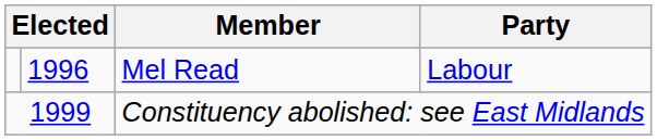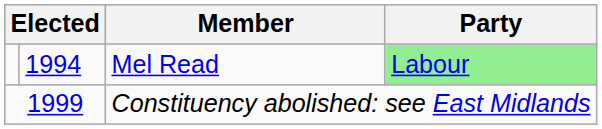 <table class="wikitable">
 <tr>
 <th colspan = "2">Elected</th>
 <th>Member</th>
 <th>Party</th>
 </tr>
 <tr>
 <td style="background-color: "></td>
-<td><a href='#'>1996</a></td>
+<td><a href='#'>1994</a></td>
 <td><a href='#'>Mel Read</a></td>
-<td><a href='#'>Labour</a></td>
+<td style="background: lightgreen;"><a href='#'>Labour</a></td>
 </tr>
 <tr>
 <td colspan="2" align="center"><a href='#'>1999</a></td>
 <td colspan="2"><em>Constituency abolished: see <a href='#'>East Midlands</a></em></td>
 </tr>
 </table>
